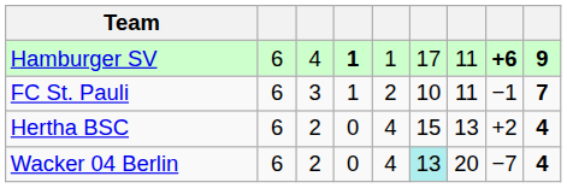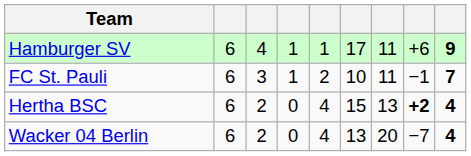 <table class="wikitable" style="text-align: center;">
 <tr>
 <th width=175>Team</th>
 <th width=20></th>
 <th width=20></th>
 <th width=20></th>
 <th width=20></th>
 <th width=20></th>
 <th width=20></th>
 <th width=20></th>
 <th width=20></th>
 </tr>
 <tr bgcolor="#ccffcc">
 <td align=left><a href='#'>Hamburger SV</a></td>
 <td>6</td>
 <td>4</td>
-<td><strong>1</strong></td>
+<td>1</td>
 <td>1</td>
 <td>17</td>
 <td>11</td>
-<td><strong>+6</strong></td>
+<td>+6</td>
 <td><strong>9</strong></td>
 </tr>
 <tr>
 <td align=left><a href='#'>FC St. Pauli</a></td>
 <td>6</td>
 <td>3</td>
 <td>1</td>
 <td>2</td>
 <td>10</td>
 <td>11</td>
 <td>−1</td>
 <td><strong>7</strong></td>
 </tr>
 <tr>
 <td align=left><a href='#'>Hertha BSC</a></td>
 <td>6</td>
 <td>2</td>
 <td>0</td>
 <td>4</td>
 <td>15</td>
 <td>13</td>
-<td>+2</td>
+<td><strong>+2</strong></td>
 <td><strong>4</strong></td>
 </tr>
 <tr>
 <td align=left><a href='#'>Wacker 04 Berlin</a></td>
 <td>6</td>
 <td>2</td>
 <td>0</td>
 <td>4</td>
-<td style="background: paleturquoise;">13</td>
+<td>13</td>
 <td>20</td>
 <td>−7</td>
 <td><strong>4</strong></td>
 </tr>
 </table>
